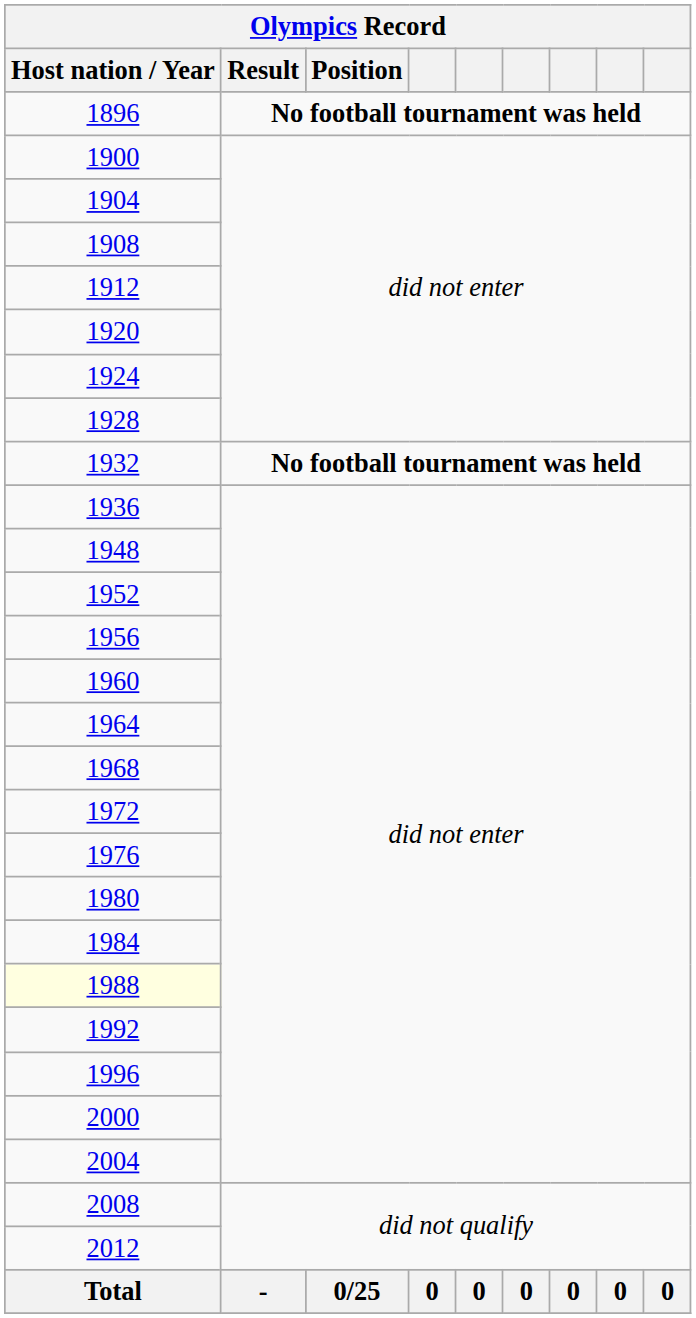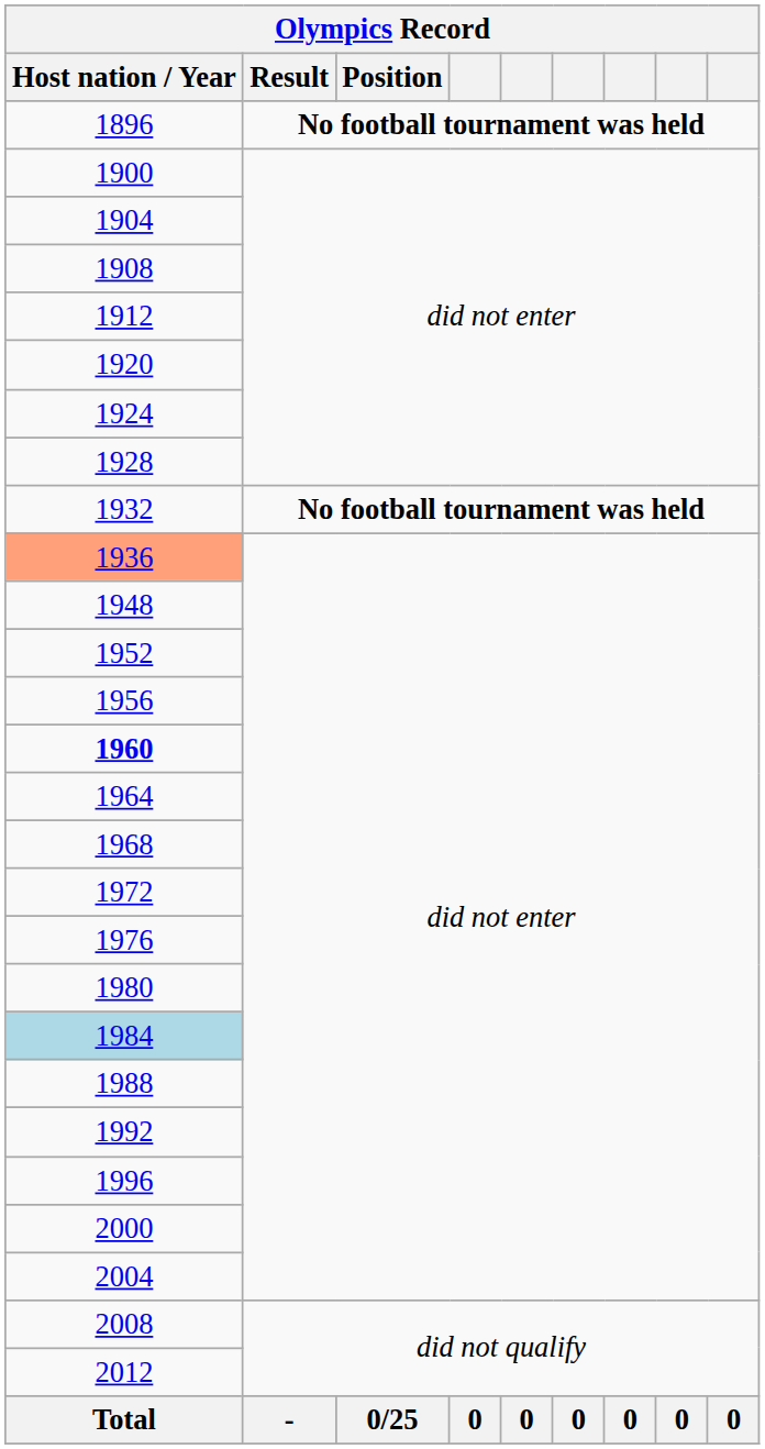 <table class="wikitable" style="text-align: center;font-size:95%;">
 <tr>
 <th colspan=9><a href='#'>Olympics</a> Record</th>
 </tr>
 <tr>
 <th>Host nation / Year</th>
 <th>Result</th>
 <th>Position</th>
 <th width=20></th>
 <th width=20></th>
 <th width=20></th>
 <th width=20></th>
 <th width=20></th>
 <th width=20></th>
 </tr>
 <tr>
 <td> <a href='#'>1896</a></td>
 <td colspan="8"><strong>No football tournament was held</strong></td>
 </tr>
 <tr>
 <td> <a href='#'>1900</a></td>
 <td colspan="8" rowspan="7"><em>did not enter</em></td>
 </tr>
 <tr>
 <td> <a href='#'>1904</a></td>
 </tr>
 <tr>
 <td> <a href='#'>1908</a></td>
 </tr>
 <tr>
 <td> <a href='#'>1912</a></td>
 </tr>
 <tr>
 <td> <a href='#'>1920</a></td>
 </tr>
 <tr>
 <td> <a href='#'>1924</a></td>
 </tr>
 <tr>
 <td> <a href='#'>1928</a></td>
 </tr>
 <tr>
 <td> <a href='#'>1932</a></td>
 <td colspan="8"><strong>No football tournament was held</strong></td>
 </tr>
 <tr>
-<td> <a href='#'>1936</a></td>
+<td style="background: lightsalmon;"> <a href='#'>1936</a></td>
 <td colspan="8" rowspan="16"><em>did not enter</em></td>
 </tr>
 <tr>
 <td> <a href='#'>1948</a></td>
 </tr>
 <tr>
 <td> <a href='#'>1952</a></td>
 </tr>
 <tr>
 <td> <a href='#'>1956</a></td>
 </tr>
 <tr>
-<td> <a href='#'>1960</a></td>
+<td><strong> <a href='#'>1960</a></strong></td>
 </tr>
 <tr>
 <td> <a href='#'>1964</a></td>
 </tr>
 <tr>
 <td> <a href='#'>1968</a></td>
 </tr>
 <tr>
 <td> <a href='#'>1972</a></td>
 </tr>
 <tr>
 <td> <a href='#'>1976</a></td>
 </tr>
 <tr>
 <td> <a href='#'>1980</a></td>
 </tr>
 <tr>
-<td> <a href='#'>1984</a></td>
+<td style="background: lightblue;"> <a href='#'>1984</a></td>
 </tr>
 <tr>
-<td style="background: lightyellow;"> <a href='#'>1988</a></td>
+<td> <a href='#'>1988</a></td>
 </tr>
 <tr>
 <td> <a href='#'>1992</a></td>
 </tr>
 <tr>
 <td> <a href='#'>1996</a></td>
 </tr>
 <tr>
 <td> <a href='#'>2000</a></td>
 </tr>
 <tr>
 <td> <a href='#'>2004</a></td>
 </tr>
 <tr>
 <td> <a href='#'>2008</a></td>
 <td colspan="8" rowspan="2"><em>did not qualify</em></td>
 </tr>
 <tr>
 <td> <a href='#'>2012</a></td>
 </tr>
 <tr>
 <th><strong>Total</strong></th>
 <th>-</th>
 <th>0/25</th>
 <th>0</th>
 <th>0</th>
 <th>0</th>
 <th>0</th>
 <th>0</th>
 <th>0</th>
 </tr>
 <tr>
 </tr>
 </table>
